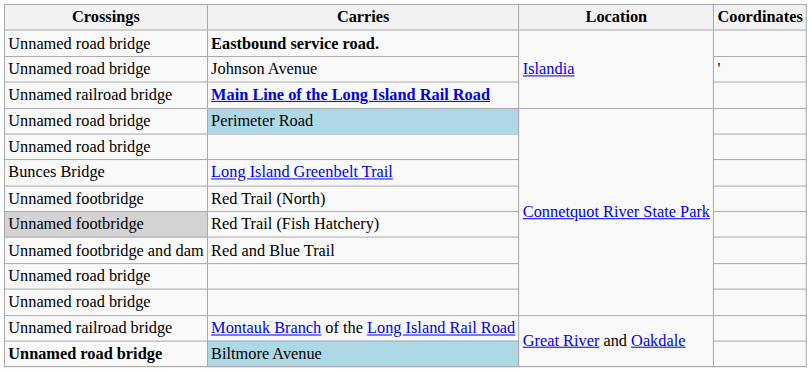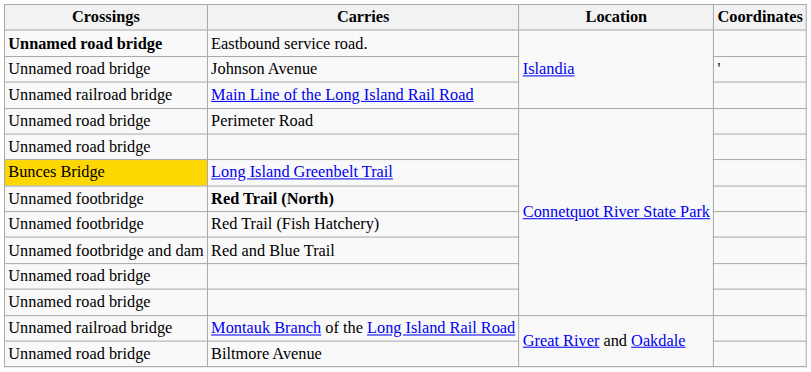 <table class="wikitable sortable">
 <tr>
 <th>Crossings</th>
 <th>Carries</th>
 <th>Location</th>
 <th>Coordinates</th>
 </tr>
 <tr>
-<td>Unnamed road bridge</td>
-<td><strong> Eastbound service road.</strong></td>
+<td><strong>Unnamed road bridge</strong></td>
+<td> Eastbound service road.</td>
 <td rowspan=3><a href='#'>Islandia</a></td>
 <td></td>
 </tr>
 <tr>
 <td>Unnamed road bridge</td>
 <td>Johnson Avenue</td>
 <td>'</td>
 </tr>
 <tr>
 <td>Unnamed railroad bridge</td>
-<td><strong><a href='#'>Main Line of the Long Island Rail Road</a></strong></td>
+<td><a href='#'>Main Line of the Long Island Rail Road</a></td>
 <td></td>
 </tr>
 <tr>
 <td>Unnamed road bridge</td>
-<td style="background: lightblue;">Perimeter Road</td>
+<td>Perimeter Road</td>
 <td rowspan=8><a href='#'>Connetquot River State Park</a></td>
 <td></td>
 </tr>
 <tr>
 <td>Unnamed road bridge</td>
 <td></td>
 <td></td>
 </tr>
 <tr>
-<td>Bunces Bridge</td>
+<td style="background: gold;">Bunces Bridge</td>
 <td><a href='#'>Long Island Greenbelt Trail</a></td>
 <td></td>
 </tr>
 <tr>
 <td>Unnamed footbridge</td>
-<td>Red Trail (North)</td>
+<td><strong>Red Trail (North)</strong></td>
 <td></td>
 </tr>
 <tr>
-<td style="background: lightgrey;">Unnamed footbridge</td>
+<td>Unnamed footbridge</td>
 <td>Red Trail (Fish Hatchery)</td>
 <td></td>
 </tr>
 <tr>
 <td>Unnamed footbridge and dam</td>
 <td>Red and Blue Trail</td>
 <td></td>
 </tr>
 <tr>
 <td>Unnamed road bridge</td>
 <td></td>
 <td></td>
 </tr>
 <tr>
 <td>Unnamed road bridge</td>
 <td></td>
 <td></td>
 </tr>
 <tr>
 <td>Unnamed railroad bridge</td>
 <td><a href='#'>Montauk Branch</a> of the <a href='#'>Long Island Rail Road</a></td>
 <td rowspan=2><a href='#'>Great River</a> and <a href='#'>Oakdale</a></td>
 <td></td>
 </tr>
 <tr>
-<td><strong>Unnamed road bridge</strong></td>
-<td style="background: lightblue;">Biltmore Avenue</td>
+<td>Unnamed road bridge</td>
+<td>Biltmore Avenue</td>
 <td></td>
 </tr>
 <tr>
 </tr>
 </table>
